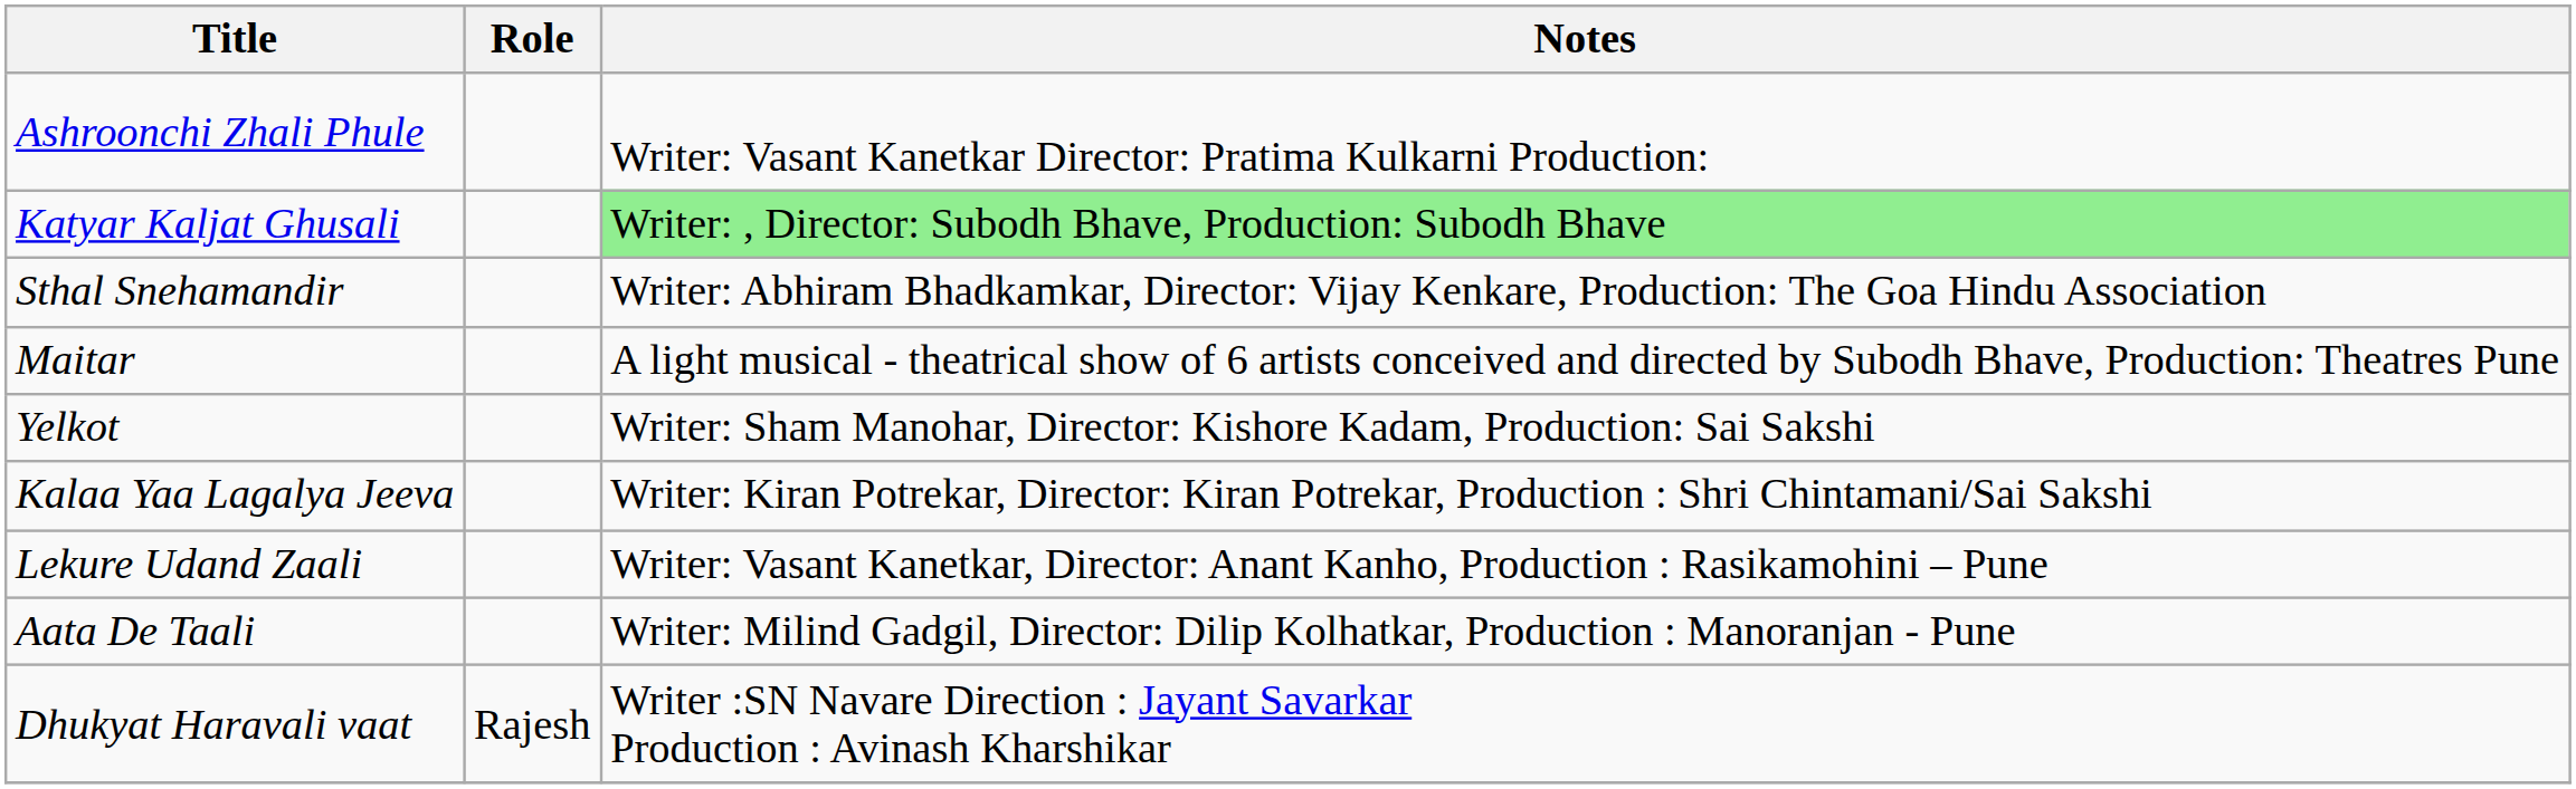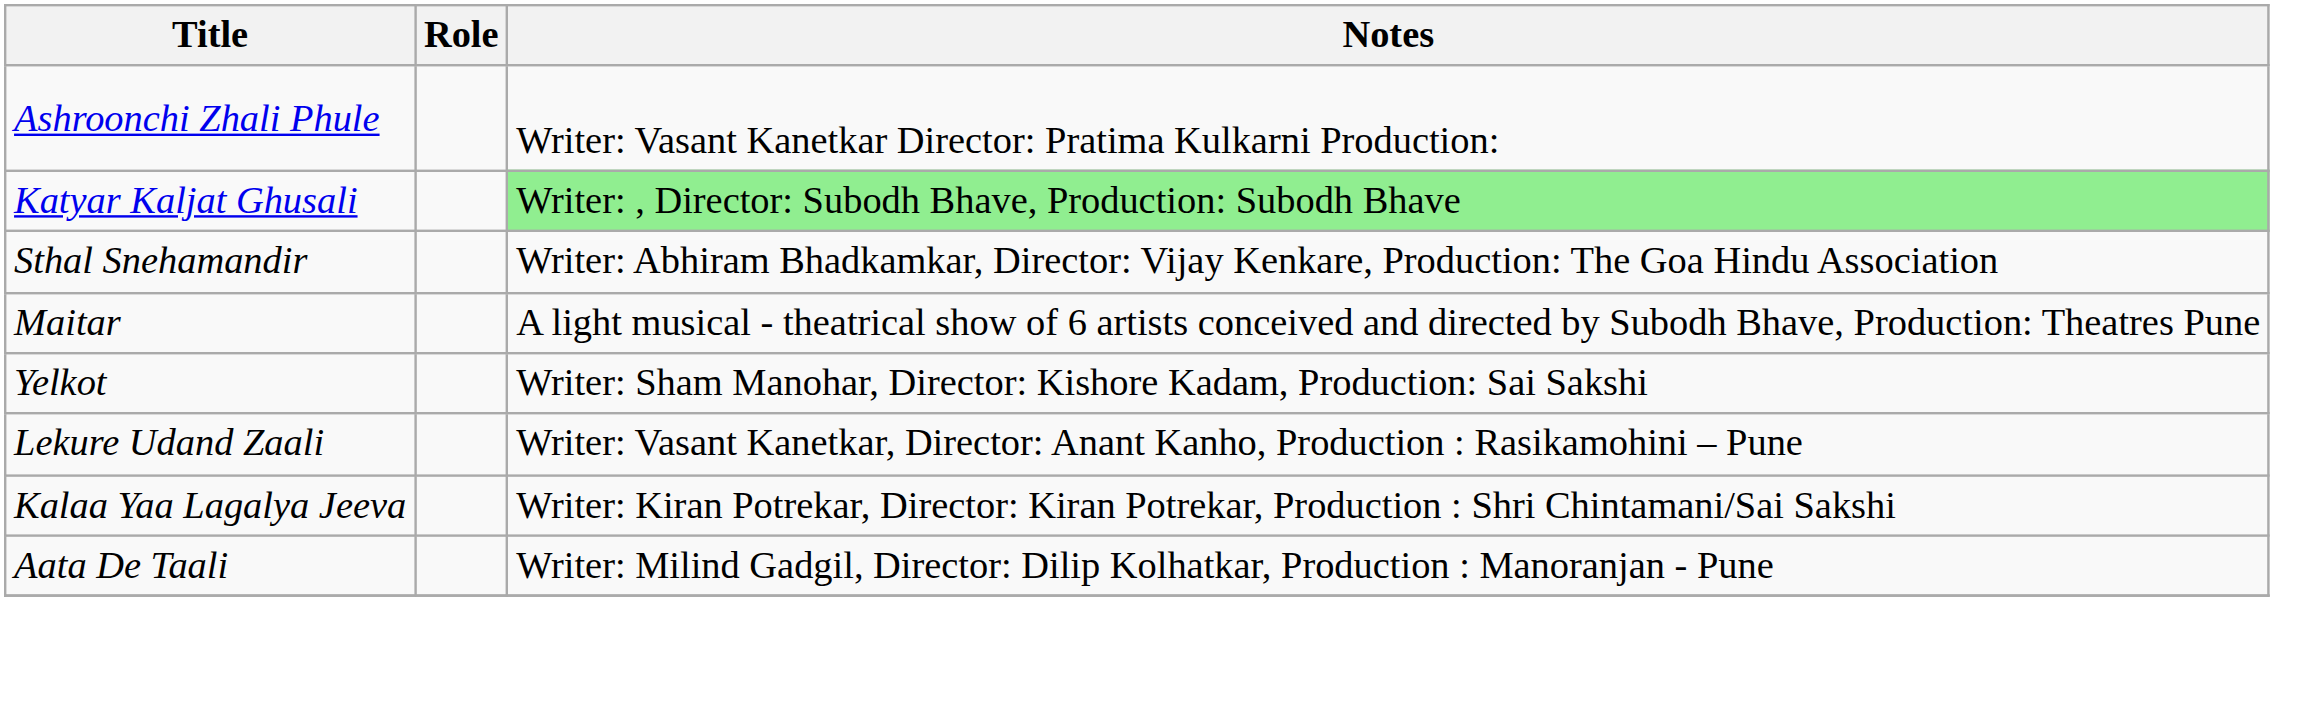 <table class="wikitable">
 <tr>
 <th>Title</th>
 <th>Role</th>
 <th>Notes</th>
 </tr>
 <tr>
 <td><em><a href='#'>Ashroonchi Zhali Phule</a></em></td>
 <td></td>
 <td><br>Writer: Vasant Kanetkar Director: Pratima Kulkarni Production:</td>
 </tr>
 <tr>
 <td><em><a href='#'>Katyar Kaljat Ghusali</a></em></td>
 <td></td>
 <td style="background: lightgreen;">Writer: , Director: Subodh Bhave, Production: Subodh Bhave</td>
 </tr>
 <tr>
 <td><em>Sthal Snehamandir</em></td>
 <td></td>
 <td>Writer: Abhiram Bhadkamkar, Director: Vijay Kenkare, Production: The Goa Hindu Association</td>
 </tr>
 <tr>
 <td><em>Maitar</em></td>
 <td></td>
 <td>A light musical - theatrical show of 6 artists conceived and directed by Subodh Bhave, Production: Theatres Pune</td>
 </tr>
 <tr>
 <td><em>Yelkot</em></td>
 <td></td>
 <td>Writer: Sham Manohar, Director: Kishore Kadam, Production: Sai Sakshi</td>
 </tr>
 <tr>
+<td><em>Lekure Udand Zaali</em></td>
+<td></td>
+<td>Writer: Vasant Kanetkar, Director: Anant Kanho, Production : Rasikamohini – Pune</td>
+</tr>
+<tr>
 <td><em>Kalaa Yaa Lagalya Jeeva</em></td>
 <td></td>
 <td>Writer: Kiran Potrekar, Director: Kiran Potrekar, Production : Shri Chintamani/Sai Sakshi</td>
-</tr>
-<tr>
-<td><em>Lekure Udand Zaali</em></td>
-<td></td>
-<td>Writer: Vasant Kanetkar, Director: Anant Kanho, Production : Rasikamohini – Pune</td>
 </tr>
 <tr>
 <td><em>Aata De Taali</em></td>
 <td></td>
 <td>Writer: Milind Gadgil, Director: Dilip Kolhatkar, Production : Manoranjan - Pune</td>
 </tr>
 <tr>
-<td><em>Dhukyat Haravali vaat</em></td>
-<td>Rajesh</td>
-<td>Writer :SN Navare Direction : <a href='#'>Jayant Savarkar</a><br>Production : Avinash Kharshikar</td>
-</tr>
-<tr>
 </tr>
 </table>
